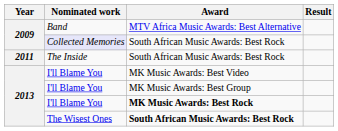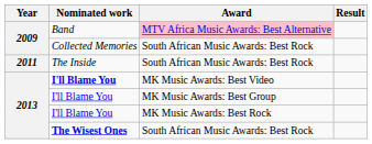 <table class="wikitable">
 <tr>
 <th style="width:60px;">Year</th>
 <th>Nominated work</th>
 <th>Award</th>
 <th>Result</th>
 </tr>
 <tr>
 <th rowspan="2"><em>2009</em></th>
 <td><em>Band</em></td>
-<td><a href='#'>MTV Africa Music Awards: Best Alternative</a></td>
+<td style="background: pink;"><a href='#'>MTV Africa Music Awards: Best Alternative</a></td>
 <td></td>
 </tr>
 <tr>
-<td style="background: lavender;"><em>Collected Memories</em></td>
+<td><em>Collected Memories</em></td>
 <td>South African Music Awards: Best Rock</td>
 <td></td>
 </tr>
 <tr>
 <th><em>2011</em></th>
 <td><em>The Inside</em></td>
 <td>South African Music Awards: Best Rock</td>
 <td></td>
 </tr>
 <tr>
 <th rowspan="4"><em>2013</em></th>
-<td><a href='#'>I'll Blame You</a></td>
+<td><strong><a href='#'>I'll Blame You</a></strong></td>
 <td>MK Music Awards: Best Video</td>
 <td></td>
 </tr>
 <tr>
 <td><a href='#'>I'll Blame You</a></td>
 <td>MK Music Awards: Best Group</td>
 <td></td>
 </tr>
 <tr>
 <td><a href='#'>I'll Blame You</a></td>
-<td><strong>MK Music Awards: Best Rock</strong></td>
+<td>MK Music Awards: Best Rock</td>
 <td></td>
 </tr>
 <tr>
-<td><a href='#'>The Wisest Ones</a></td>
-<td><strong>South African Music Awards: Best Rock</strong></td>
+<td><strong><a href='#'>The Wisest Ones</a></strong></td>
+<td>South African Music Awards: Best Rock</td>
 <td></td>
 </tr>
 </table>
